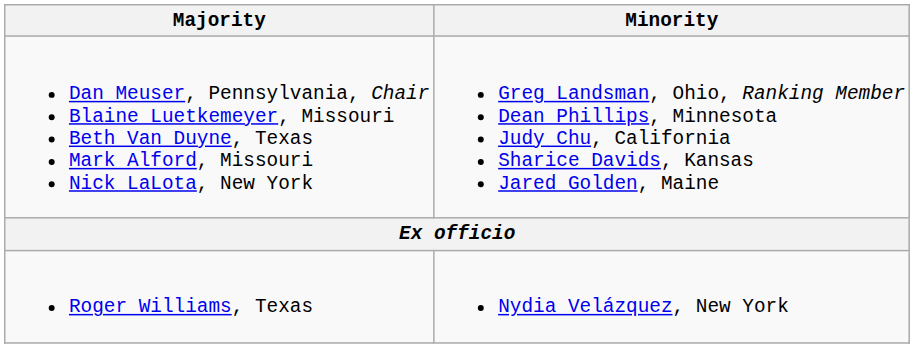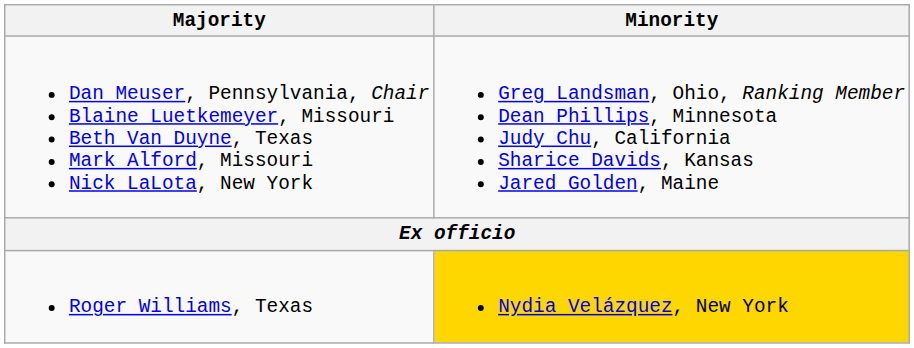 <table class=wikitable>
 <tr>
 <th>Majority</th>
 <th>Minority</th>
 </tr>
 <tr>
 <td><br><ul><li><a href='#'>Dan Meuser</a>, Pennsylvania, <em>Chair</em></li><li><a href='#'>Blaine Luetkemeyer</a>, Missouri</li><li><a href='#'>Beth Van Duyne</a>, Texas</li><li><a href='#'>Mark Alford</a>, Missouri</li><li><a href='#'>Nick LaLota</a>, New York</li></ul></td>
 <td><br><ul><li><a href='#'>Greg Landsman</a>, Ohio, <em>Ranking Member</em></li><li><a href='#'>Dean Phillips</a>, Minnesota</li><li><a href='#'>Judy Chu</a>, California</li><li><a href='#'>Sharice Davids</a>, Kansas</li><li><a href='#'>Jared Golden</a>, Maine</li></ul></td>
 </tr>
 <tr>
 <th colspan=2><em>Ex officio</em></th>
 </tr>
 <tr>
 <td><br><ul><li><a href='#'>Roger Williams</a>, Texas</li></ul></td>
-<td><br><ul><li><a href='#'>Nydia Velázquez</a>, New York</li></ul></td>
+<td style="background: gold;"><br><ul><li><a href='#'>Nydia Velázquez</a>, New York</li></ul></td>
 </tr>
 </table>
